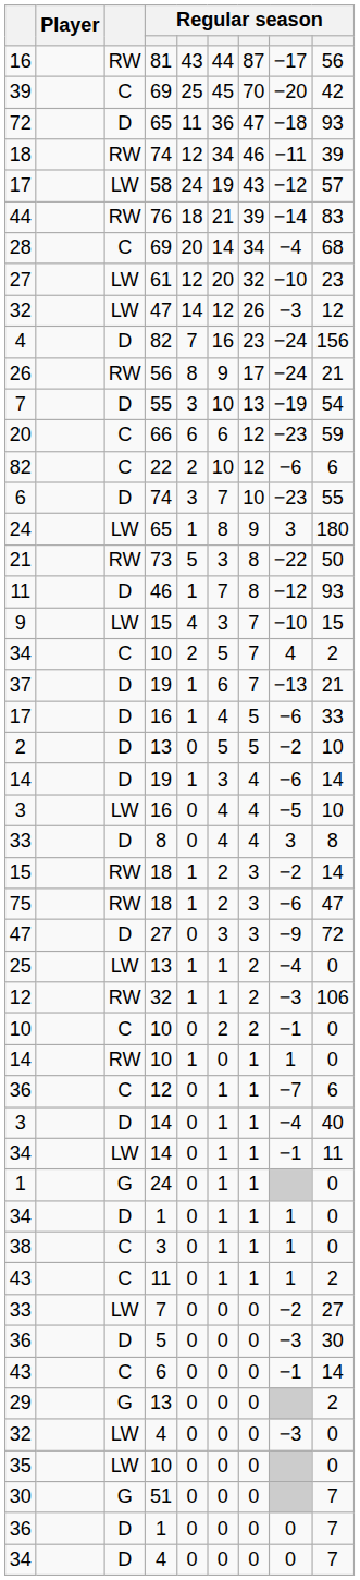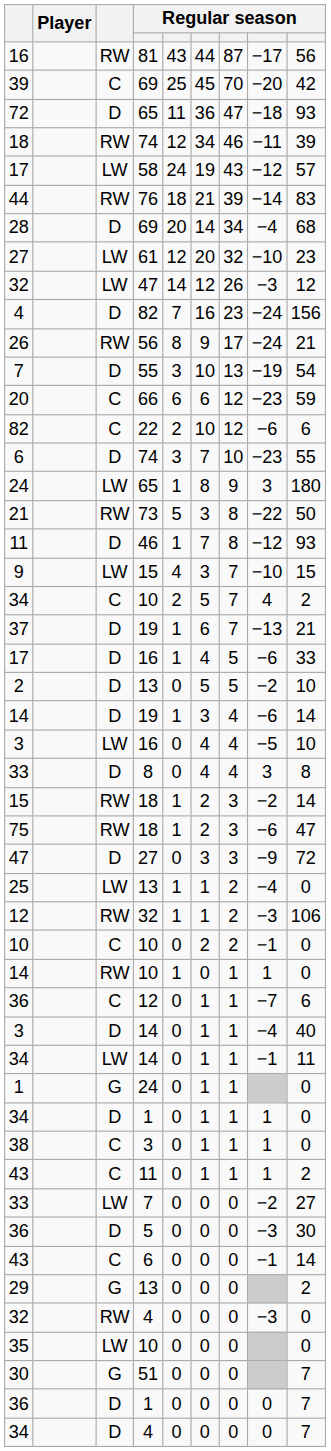 <table class="wikitable sortable plainrowheaders" style="text-align:center;">
 <tr>
 <th scope="col" data-sort-type="number" rowspan="2"></th>
 <th scope="col" rowspan="2">Player</th>
 <th scope="col" rowspan="2"></th>
 <th scope=colgroup colspan=6>Regular season</th>
 </tr>
 <tr>
 <th scope="col" data-sort-type="number"></th>
 <th scope="col" data-sort-type="number"></th>
 <th scope="col" data-sort-type="number"></th>
 <th scope="col" data-sort-type="number"></th>
 <th scope="col" data-sort-type="number"></th>
 <th scope="col" data-sort-type="number"></th>
 </tr>
 <tr>
 <td scope="row">16</td>
 <td align="left"></td>
 <td>RW</td>
 <td>81</td>
 <td>43</td>
 <td>44</td>
 <td>87</td>
 <td>−17</td>
 <td>56</td>
 </tr>
 <tr>
 <td scope="row">39</td>
 <td align="left"></td>
 <td>C</td>
 <td>69</td>
 <td>25</td>
 <td>45</td>
 <td>70</td>
 <td>−20</td>
 <td>42</td>
 </tr>
 <tr>
 <td scope="row">72</td>
 <td align="left"></td>
 <td>D</td>
 <td>65</td>
 <td>11</td>
 <td>36</td>
 <td>47</td>
 <td>−18</td>
 <td>93</td>
 </tr>
 <tr>
 <td scope="row">18</td>
 <td align="left"></td>
 <td>RW</td>
 <td>74</td>
 <td>12</td>
 <td>34</td>
 <td>46</td>
 <td>−11</td>
 <td>39</td>
 </tr>
 <tr>
 <td scope="row">17</td>
 <td align="left"></td>
 <td>LW</td>
 <td>58</td>
 <td>24</td>
 <td>19</td>
 <td>43</td>
 <td>−12</td>
 <td>57</td>
 </tr>
 <tr>
 <td scope="row">44</td>
 <td align="left"></td>
 <td>RW</td>
 <td>76</td>
 <td>18</td>
 <td>21</td>
 <td>39</td>
 <td>−14</td>
 <td>83</td>
 </tr>
 <tr>
 <td scope="row">28</td>
 <td align="left"></td>
-<td>C</td>
+<td>D</td>
 <td>69</td>
 <td>20</td>
 <td>14</td>
 <td>34</td>
 <td>−4</td>
 <td>68</td>
 </tr>
 <tr>
 <td scope="row">27</td>
 <td align="left"></td>
 <td>LW</td>
 <td>61</td>
 <td>12</td>
 <td>20</td>
 <td>32</td>
 <td>−10</td>
 <td>23</td>
 </tr>
 <tr>
 <td scope="row">32</td>
 <td align="left"></td>
 <td>LW</td>
 <td>47</td>
 <td>14</td>
 <td>12</td>
 <td>26</td>
 <td>−3</td>
 <td>12</td>
 </tr>
 <tr>
 <td scope="row">4</td>
 <td align="left"></td>
 <td>D</td>
 <td>82</td>
 <td>7</td>
 <td>16</td>
 <td>23</td>
 <td>−24</td>
 <td>156</td>
 </tr>
 <tr>
 <td scope="row">26</td>
 <td align="left"></td>
 <td>RW</td>
 <td>56</td>
 <td>8</td>
 <td>9</td>
 <td>17</td>
 <td>−24</td>
 <td>21</td>
 </tr>
 <tr>
 <td scope="row">7</td>
 <td align="left"></td>
 <td>D</td>
 <td>55</td>
 <td>3</td>
 <td>10</td>
 <td>13</td>
 <td>−19</td>
 <td>54</td>
 </tr>
 <tr>
 <td scope="row">20</td>
 <td align="left"></td>
 <td>C</td>
 <td>66</td>
 <td>6</td>
 <td>6</td>
 <td>12</td>
 <td>−23</td>
 <td>59</td>
 </tr>
 <tr>
 <td scope="row">82</td>
 <td align="left"></td>
 <td>C</td>
 <td>22</td>
 <td>2</td>
 <td>10</td>
 <td>12</td>
 <td>−6</td>
 <td>6</td>
 </tr>
 <tr>
 <td scope="row">6</td>
 <td align="left"></td>
 <td>D</td>
 <td>74</td>
 <td>3</td>
 <td>7</td>
 <td>10</td>
 <td>−23</td>
 <td>55</td>
 </tr>
 <tr>
 <td scope="row">24</td>
 <td align="left"></td>
 <td>LW</td>
 <td>65</td>
 <td>1</td>
 <td>8</td>
 <td>9</td>
 <td>3</td>
 <td>180</td>
 </tr>
 <tr>
 <td scope="row">21</td>
 <td align="left"></td>
 <td>RW</td>
 <td>73</td>
 <td>5</td>
 <td>3</td>
 <td>8</td>
 <td>−22</td>
 <td>50</td>
 </tr>
 <tr>
 <td scope="row">11</td>
 <td align="left"></td>
 <td>D</td>
 <td>46</td>
 <td>1</td>
 <td>7</td>
 <td>8</td>
 <td>−12</td>
 <td>93</td>
 </tr>
 <tr>
 <td scope="row">9</td>
 <td align="left"></td>
 <td>LW</td>
 <td>15</td>
 <td>4</td>
 <td>3</td>
 <td>7</td>
 <td>−10</td>
 <td>15</td>
 </tr>
 <tr>
 <td scope="row">34</td>
 <td align="left"></td>
 <td>C</td>
 <td>10</td>
 <td>2</td>
 <td>5</td>
 <td>7</td>
 <td>4</td>
 <td>2</td>
 </tr>
 <tr>
 <td scope="row">37</td>
 <td align="left"></td>
 <td>D</td>
 <td>19</td>
 <td>1</td>
 <td>6</td>
 <td>7</td>
 <td>−13</td>
 <td>21</td>
 </tr>
 <tr>
 <td scope="row">17</td>
 <td align="left"></td>
 <td>D</td>
 <td>16</td>
 <td>1</td>
 <td>4</td>
 <td>5</td>
 <td>−6</td>
 <td>33</td>
 </tr>
 <tr>
 <td scope="row">2</td>
 <td align="left"></td>
 <td>D</td>
 <td>13</td>
 <td>0</td>
 <td>5</td>
 <td>5</td>
 <td>−2</td>
 <td>10</td>
 </tr>
 <tr>
 <td scope="row">14</td>
 <td align="left"></td>
 <td>D</td>
 <td>19</td>
 <td>1</td>
 <td>3</td>
 <td>4</td>
 <td>−6</td>
 <td>14</td>
 </tr>
 <tr>
 <td scope="row">3</td>
 <td align="left"></td>
 <td>LW</td>
 <td>16</td>
 <td>0</td>
 <td>4</td>
 <td>4</td>
 <td>−5</td>
 <td>10</td>
 </tr>
 <tr>
 <td scope="row">33</td>
 <td align="left"></td>
 <td>D</td>
 <td>8</td>
 <td>0</td>
 <td>4</td>
 <td>4</td>
 <td>3</td>
 <td>8</td>
 </tr>
 <tr>
 <td scope="row">15</td>
 <td align="left"></td>
 <td>RW</td>
 <td>18</td>
 <td>1</td>
 <td>2</td>
 <td>3</td>
 <td>−2</td>
 <td>14</td>
 </tr>
 <tr>
 <td scope="row">75</td>
 <td align="left"></td>
 <td>RW</td>
 <td>18</td>
 <td>1</td>
 <td>2</td>
 <td>3</td>
 <td>−6</td>
 <td>47</td>
 </tr>
 <tr>
 <td scope="row">47</td>
 <td align="left"></td>
 <td>D</td>
 <td>27</td>
 <td>0</td>
 <td>3</td>
 <td>3</td>
 <td>−9</td>
 <td>72</td>
 </tr>
 <tr>
 <td scope="row">25</td>
 <td align="left"></td>
 <td>LW</td>
 <td>13</td>
 <td>1</td>
 <td>1</td>
 <td>2</td>
 <td>−4</td>
 <td>0</td>
 </tr>
 <tr>
 <td scope="row">12</td>
 <td align="left"></td>
 <td>RW</td>
 <td>32</td>
 <td>1</td>
 <td>1</td>
 <td>2</td>
 <td>−3</td>
 <td>106</td>
 </tr>
 <tr>
 <td scope="row">10</td>
 <td align="left"></td>
 <td>C</td>
 <td>10</td>
 <td>0</td>
 <td>2</td>
 <td>2</td>
 <td>−1</td>
 <td>0</td>
 </tr>
 <tr>
 <td scope="row">14</td>
 <td align="left"></td>
 <td>RW</td>
 <td>10</td>
 <td>1</td>
 <td>0</td>
 <td>1</td>
 <td>1</td>
 <td>0</td>
 </tr>
 <tr>
 <td scope="row">36</td>
 <td align="left"></td>
 <td>C</td>
 <td>12</td>
 <td>0</td>
 <td>1</td>
 <td>1</td>
 <td>−7</td>
 <td>6</td>
 </tr>
 <tr>
 <td scope="row">3</td>
 <td align="left"></td>
 <td>D</td>
 <td>14</td>
 <td>0</td>
 <td>1</td>
 <td>1</td>
 <td>−4</td>
 <td>40</td>
 </tr>
 <tr>
 <td scope="row">34</td>
 <td align="left"></td>
 <td>LW</td>
 <td>14</td>
 <td>0</td>
 <td>1</td>
 <td>1</td>
 <td>−1</td>
 <td>11</td>
 </tr>
 <tr>
 <td scope="row">1</td>
 <td align="left"></td>
 <td>G</td>
 <td>24</td>
 <td>0</td>
 <td>1</td>
 <td>1</td>
 <td style="background:#ccc"></td>
 <td>0</td>
 </tr>
 <tr>
 <td scope="row">34</td>
 <td align="left"></td>
 <td>D</td>
 <td>1</td>
 <td>0</td>
 <td>1</td>
 <td>1</td>
 <td>1</td>
 <td>0</td>
 </tr>
 <tr>
 <td scope="row">38</td>
 <td align="left"></td>
 <td>C</td>
 <td>3</td>
 <td>0</td>
 <td>1</td>
 <td>1</td>
 <td>1</td>
 <td>0</td>
 </tr>
 <tr>
 <td scope="row">43</td>
 <td align="left"></td>
 <td>C</td>
 <td>11</td>
 <td>0</td>
 <td>1</td>
 <td>1</td>
 <td>1</td>
 <td>2</td>
 </tr>
 <tr>
 <td scope="row">33</td>
 <td align="left"></td>
 <td>LW</td>
 <td>7</td>
 <td>0</td>
 <td>0</td>
 <td>0</td>
 <td>−2</td>
 <td>27</td>
 </tr>
 <tr>
 <td scope="row">36</td>
 <td align="left"></td>
 <td>D</td>
 <td>5</td>
 <td>0</td>
 <td>0</td>
 <td>0</td>
 <td>−3</td>
 <td>30</td>
 </tr>
 <tr>
 <td scope="row">43</td>
 <td align="left"></td>
 <td>C</td>
 <td>6</td>
 <td>0</td>
 <td>0</td>
 <td>0</td>
 <td>−1</td>
 <td>14</td>
 </tr>
 <tr>
 <td scope="row">29</td>
 <td align="left"></td>
 <td>G</td>
 <td>13</td>
 <td>0</td>
 <td>0</td>
 <td>0</td>
 <td style="background:#ccc"></td>
 <td>2</td>
 </tr>
 <tr>
 <td scope="row">32</td>
 <td align="left"></td>
-<td>LW</td>
+<td>RW</td>
 <td>4</td>
 <td>0</td>
 <td>0</td>
 <td>0</td>
 <td>−3</td>
 <td>0</td>
 </tr>
 <tr>
 <td scope="row">35</td>
 <td align="left"></td>
 <td>LW</td>
 <td>10</td>
 <td>0</td>
 <td>0</td>
 <td>0</td>
 <td style="background:#ccc"></td>
 <td>0</td>
 </tr>
 <tr>
 <td scope="row">30</td>
 <td align="left"></td>
 <td>G</td>
 <td>51</td>
 <td>0</td>
 <td>0</td>
 <td>0</td>
 <td style="background:#ccc"></td>
 <td>7</td>
 </tr>
 <tr>
 <td scope="row">36</td>
 <td align="left"></td>
 <td>D</td>
 <td>1</td>
 <td>0</td>
 <td>0</td>
 <td>0</td>
 <td>0</td>
 <td>7</td>
 </tr>
 <tr>
 <td scope="row">34</td>
 <td align="left"></td>
 <td>D</td>
 <td>4</td>
 <td>0</td>
 <td>0</td>
 <td>0</td>
 <td>0</td>
 <td>7</td>
 </tr>
 </table>
